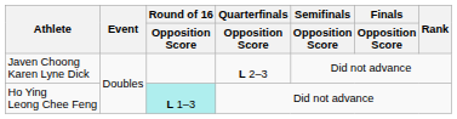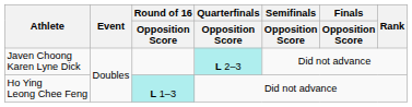 <table class="wikitable" style="font-size: 90%">
 <tr>
 <th rowspan="2">Athlete</th>
 <th rowspan="2">Event</th>
 <th>Round of 16</th>
 <th>Quarterfinals</th>
 <th>Semifinals</th>
 <th>Finals</th>
 <th rowspan="2">Rank</th>
 </tr>
 <tr>
 <th>Opposition<br>Score</th>
 <th>Opposition<br>Score</th>
 <th>Opposition<br>Score</th>
 <th>Opposition<br>Score</th>
 </tr>
 <tr align="center">
 <td align="left">Javen Choong<br>Karen Lyne Dick</td>
 <td align="left" rowspan="2">Doubles</td>
 <td></td>
-<td><br><strong>L</strong> 2–3</td>
+<td style="background: paleturquoise;"><br><strong>L</strong> 2–3</td>
 <td colspan=3>Did not advance</td>
 </tr>
 <tr align="center">
 <td align="left">Ho Ying<br>Leong Chee Feng</td>
 <td style="background: paleturquoise;"><br><strong>L</strong> 1–3</td>
 <td colspan=4>Did not advance</td>
 </tr>
 </table>
